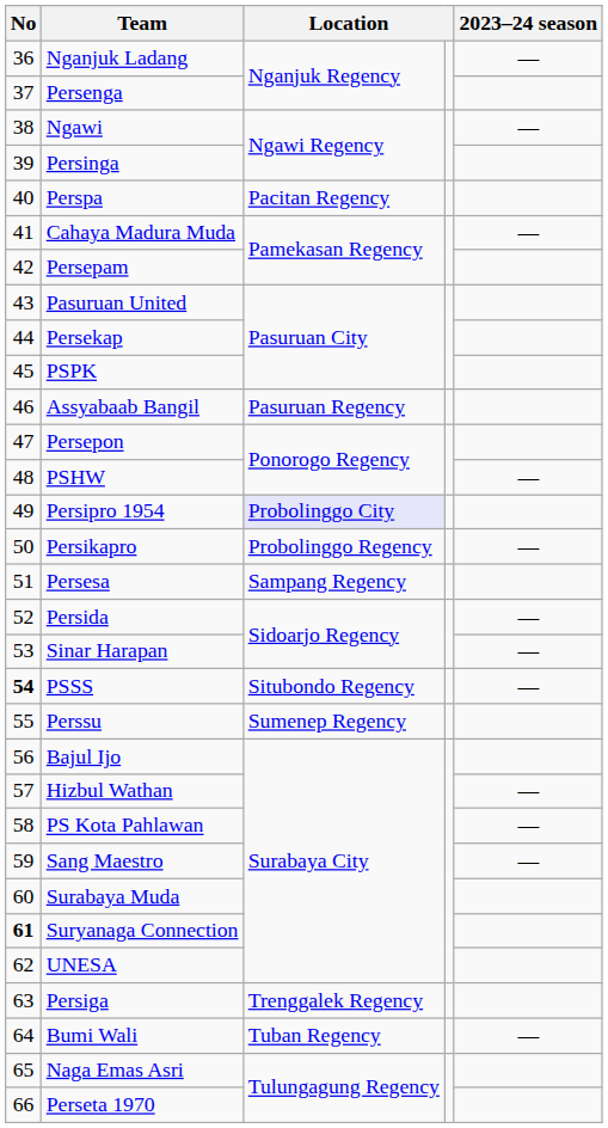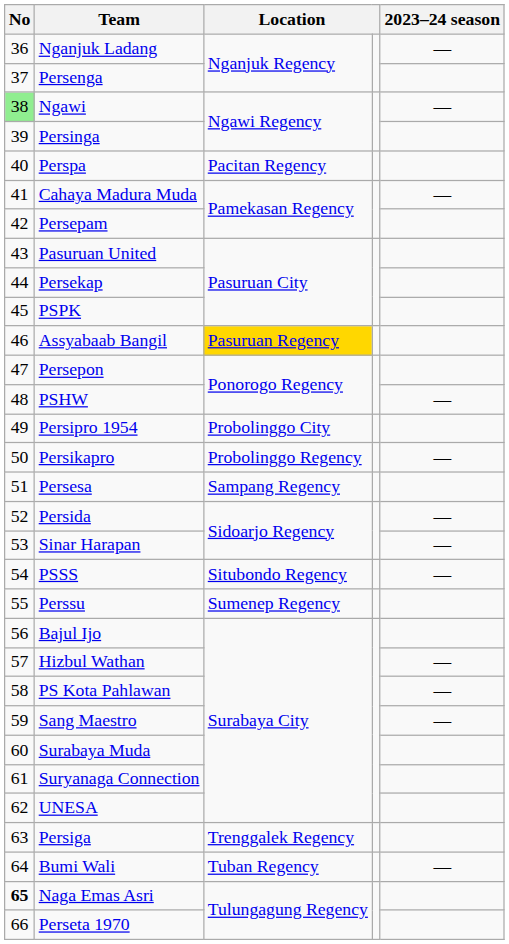 <table class="wikitable sortable" style="font-size:90%;">
 <tr>
 <th>No</th>
 <th>Team</th>
 <th colspan="2">Location</th>
 <th>2023–24 season</th>
 </tr>
 <tr>
 <td align="center">36</td>
 <td><a href='#'>Nganjuk Ladang</a></td>
 <td rowspan="2"><a href='#'>Nganjuk Regency</a></td>
 <td rowspan="2"></td>
 <td align=center>—</td>
 </tr>
 <tr>
 <td align="center">37</td>
 <td><a href='#'>Persenga</a></td>
 <td align=center></td>
 </tr>
 <tr>
-<td align="center">38</td>
+<td align="center" style="background: lightgreen;">38</td>
 <td><a href='#'>Ngawi</a></td>
 <td rowspan="2"><a href='#'>Ngawi Regency</a></td>
 <td rowspan="2"></td>
 <td align=center>—</td>
 </tr>
 <tr>
 <td align="center">39</td>
 <td><a href='#'>Persinga</a></td>
 <td align=center></td>
 </tr>
 <tr>
 <td align="center">40</td>
 <td><a href='#'>Perspa</a></td>
 <td><a href='#'>Pacitan  Regency</a></td>
 <td></td>
 <td align=center></td>
 </tr>
 <tr>
 <td align="center">41</td>
 <td><a href='#'>Cahaya Madura Muda</a></td>
 <td rowspan="2"><a href='#'>Pamekasan  Regency</a></td>
 <td rowspan="2"></td>
 <td align=center>—</td>
 </tr>
 <tr>
 <td align="center">42</td>
 <td><a href='#'>Persepam</a></td>
 <td align=center></td>
 </tr>
 <tr>
 <td align="center">43</td>
 <td><a href='#'>Pasuruan United</a></td>
 <td rowspan="3"><a href='#'>Pasuruan City</a></td>
 <td rowspan="3"></td>
 <td align=center></td>
 </tr>
 <tr>
 <td align="center">44</td>
 <td><a href='#'>Persekap</a></td>
 <td align=center></td>
 </tr>
 <tr>
 <td align="center">45</td>
 <td><a href='#'>PSPK</a></td>
 <td align=center></td>
 </tr>
 <tr>
 <td align="center">46</td>
 <td><a href='#'>Assyabaab Bangil</a></td>
-<td><a href='#'>Pasuruan Regency</a></td>
+<td style="background: gold;"><a href='#'>Pasuruan Regency</a></td>
 <td></td>
 <td align=center></td>
 </tr>
 <tr>
 <td align="center">47</td>
 <td><a href='#'>Persepon</a></td>
 <td rowspan="2"><a href='#'>Ponorogo Regency</a></td>
 <td rowspan="2"></td>
 <td align=center></td>
 </tr>
 <tr>
 <td align="center">48</td>
 <td><a href='#'>PSHW</a></td>
 <td align=center>—</td>
 </tr>
 <tr>
 <td align="center">49</td>
 <td><a href='#'>Persipro 1954</a></td>
-<td style="background: lavender;"><a href='#'>Probolinggo City</a></td>
+<td><a href='#'>Probolinggo City</a></td>
 <td></td>
 <td align=center></td>
 </tr>
 <tr>
 <td align="center">50</td>
 <td><a href='#'>Persikapro</a></td>
 <td><a href='#'>Probolinggo Regency</a></td>
 <td></td>
 <td align=center>—</td>
 </tr>
 <tr>
 <td align="center">51</td>
 <td><a href='#'>Persesa</a></td>
 <td><a href='#'>Sampang Regency</a></td>
 <td></td>
 <td align=center></td>
 </tr>
 <tr>
 <td align="center">52</td>
 <td><a href='#'>Persida</a></td>
 <td rowspan="2"><a href='#'>Sidoarjo Regency</a></td>
 <td rowspan="2"></td>
 <td align=center>—</td>
 </tr>
 <tr>
 <td align="center">53</td>
 <td><a href='#'>Sinar Harapan</a></td>
 <td align=center>—</td>
 </tr>
 <tr>
-<td align="center"><strong>54</strong></td>
+<td align="center">54</td>
 <td><a href='#'>PSSS</a></td>
 <td><a href='#'>Situbondo Regency</a></td>
 <td></td>
 <td align=center>—</td>
 </tr>
 <tr>
 <td align="center">55</td>
 <td><a href='#'>Perssu</a></td>
 <td><a href='#'>Sumenep Regency</a></td>
 <td></td>
 <td align=center></td>
 </tr>
 <tr>
 <td align="center">56</td>
 <td><a href='#'>Bajul Ijo</a></td>
 <td rowspan="7"><a href='#'>Surabaya City</a></td>
 <td rowspan="7"></td>
 <td align=center></td>
 </tr>
 <tr>
 <td align="center">57</td>
 <td><a href='#'>Hizbul Wathan</a></td>
 <td align=center>—</td>
 </tr>
 <tr>
 <td align="center">58</td>
 <td><a href='#'>PS Kota Pahlawan</a></td>
 <td align=center>—</td>
 </tr>
 <tr>
 <td align="center">59</td>
 <td><a href='#'>Sang Maestro</a></td>
 <td align=center>—</td>
 </tr>
 <tr>
 <td align="center">60</td>
 <td><a href='#'>Surabaya Muda</a></td>
 <td align=center></td>
 </tr>
 <tr>
-<td align="center"><strong>61</strong></td>
+<td align="center">61</td>
 <td><a href='#'>Suryanaga Connection</a></td>
 <td align=center></td>
 </tr>
 <tr>
 <td align="center">62</td>
 <td><a href='#'>UNESA</a></td>
 <td align=center></td>
 </tr>
 <tr>
 <td align="center">63</td>
 <td><a href='#'>Persiga</a></td>
 <td><a href='#'>Trenggalek Regency</a></td>
 <td></td>
 <td align=center></td>
 </tr>
 <tr>
 <td align="center">64</td>
 <td><a href='#'>Bumi Wali</a></td>
 <td><a href='#'>Tuban Regency</a></td>
 <td></td>
 <td align=center>—</td>
 </tr>
 <tr>
-<td align="center">65</td>
+<td align="center"><strong>65</strong></td>
 <td><a href='#'>Naga Emas Asri</a></td>
 <td rowspan="2"><a href='#'>Tulungagung Regency</a></td>
 <td rowspan="2"></td>
 <td align=center></td>
 </tr>
 <tr>
 <td align="center">66</td>
 <td><a href='#'>Perseta 1970</a></td>
 <td align=center></td>
 </tr>
 </table>
